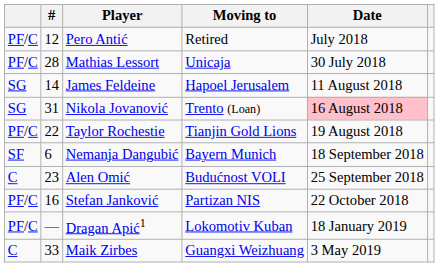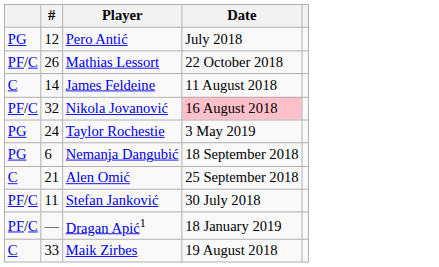 <table class="wikitable sortable" style="text-align: left;">
 <tr>
 <th></th>
 <th>#</th>
 <th>Player</th>
-<th>Moving to</th>
 <th>Date</th>
 <th></th>
 </tr>
 <tr>
-<td><a href='#'>PF</a>/<a href='#'>C</a></td>
+<td><a href='#'>PG</a></td>
 <td>12</td>
 <td> <a href='#'>Pero Antić</a></td>
-<td> Retired</td>
 <td>July 2018</td>
 <td></td>
 </tr>
 <tr>
 <td><a href='#'>PF</a>/<a href='#'>C</a></td>
-<td>28</td>
+<td>26</td>
 <td> <a href='#'>Mathias Lessort</a></td>
-<td> <a href='#'>Unicaja</a></td>
-<td>30 July 2018</td>
+<td>22 October 2018</td>
 <td></td>
 </tr>
 <tr>
-<td><a href='#'>SG</a></td>
+<td><a href='#'>C</a></td>
 <td>14</td>
 <td> <a href='#'>James Feldeine</a></td>
-<td> <a href='#'>Hapoel Jerusalem</a></td>
 <td>11 August 2018</td>
 <td></td>
 </tr>
 <tr>
-<td><a href='#'>SG</a></td>
-<td>31</td>
+<td><a href='#'>PF</a>/<a href='#'>C</a></td>
+<td>32</td>
 <td> <a href='#'>Nikola Jovanović</a></td>
-<td> <a href='#'>Trento</a> <small>(Loan)</small></td>
 <td style="background: pink;">16 August 2018</td>
 <td></td>
 </tr>
 <tr>
-<td><a href='#'>PF</a>/<a href='#'>C</a></td>
-<td>22</td>
+<td><a href='#'>PG</a></td>
+<td>24</td>
 <td> <a href='#'>Taylor Rochestie</a></td>
-<td> <a href='#'>Tianjin Gold Lions</a></td>
-<td>19 August 2018</td>
+<td>3 May 2019</td>
 <td></td>
 </tr>
 <tr>
-<td><a href='#'>SF</a></td>
+<td><a href='#'>PG</a></td>
 <td>6</td>
 <td> <a href='#'>Nemanja Dangubić</a></td>
-<td> <a href='#'>Bayern Munich</a></td>
 <td>18 September 2018</td>
 <td></td>
 </tr>
 <tr>
 <td><a href='#'>C</a></td>
-<td>23</td>
+<td>21</td>
 <td> <a href='#'>Alen Omić</a></td>
-<td> <a href='#'>Budućnost VOLI</a></td>
 <td>25 September 2018</td>
 <td></td>
 </tr>
 <tr>
 <td><a href='#'>PF</a>/<a href='#'>C</a></td>
-<td>16</td>
+<td>11</td>
 <td> <a href='#'>Stefan Janković</a></td>
-<td> <a href='#'>Partizan NIS</a></td>
-<td>22 October 2018</td>
+<td>30 July 2018</td>
 <td></td>
 </tr>
 <tr>
 <td><a href='#'>PF</a>/<a href='#'>C</a></td>
 <td>—</td>
 <td> <a href='#'>Dragan Apić</a><sup>1</sup></td>
-<td> <a href='#'>Lokomotiv Kuban</a></td>
 <td>18 January 2019</td>
 <td></td>
 </tr>
 <tr>
 <td><a href='#'>C</a></td>
 <td>33</td>
 <td> <a href='#'>Maik Zirbes</a></td>
-<td> <a href='#'>Guangxi Weizhuang</a></td>
-<td>3 May 2019</td>
+<td>19 August 2018</td>
 <td></td>
 </tr>
 </table>
